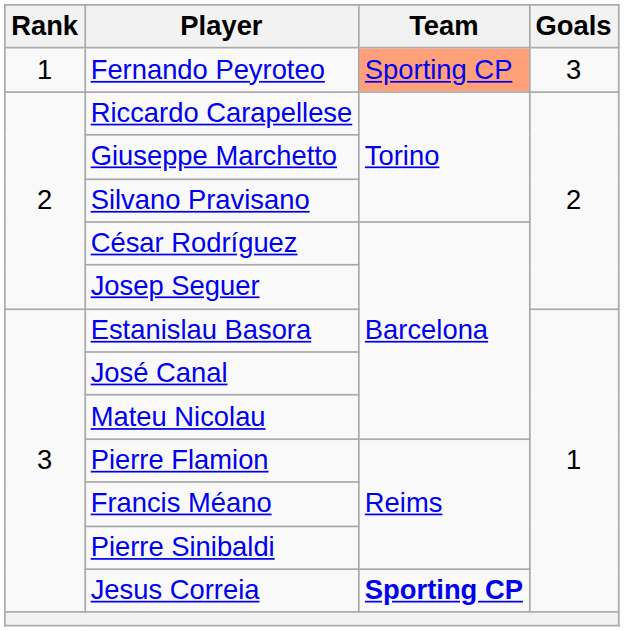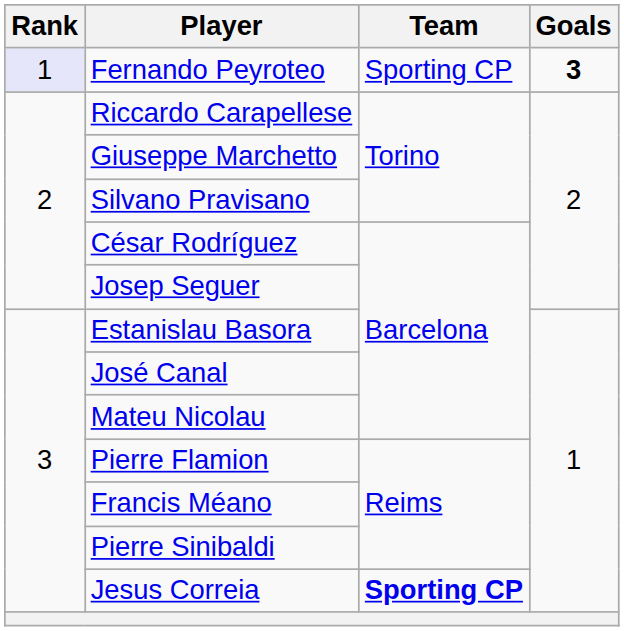 <table class="wikitable" style="text-align:center">
 <tr>
 <th>Rank</th>
 <th>Player</th>
 <th>Team</th>
 <th>Goals</th>
 </tr>
 <tr>
-<td>1</td>
+<td style="background: lavender;">1</td>
 <td align="left"> <a href='#'>Fernando Peyroteo</a></td>
-<td align="left" style="background: lightsalmon;"> <a href='#'>Sporting CP</a></td>
-<td>3</td>
+<td align="left"> <a href='#'>Sporting CP</a></td>
+<td><strong>3</strong></td>
 </tr>
 <tr>
 <td rowspan="5">2</td>
 <td align="left"> <a href='#'>Riccardo Carapellese</a></td>
 <td align="left" rowspan="3"> <a href='#'>Torino</a></td>
 <td rowspan="5">2</td>
 </tr>
 <tr>
 <td align="left"> <a href='#'>Giuseppe Marchetto</a></td>
 </tr>
 <tr>
 <td align="left"> <a href='#'>Silvano Pravisano</a></td>
 </tr>
 <tr>
 <td align="left"> <a href='#'>César Rodríguez</a></td>
 <td align="left" rowspan="5"> <a href='#'>Barcelona</a></td>
 </tr>
 <tr>
 <td align="left"> <a href='#'>Josep Seguer</a></td>
 </tr>
 <tr>
 <td rowspan="7">3</td>
 <td align="left"> <a href='#'>Estanislau Basora</a></td>
 <td rowspan="7">1</td>
 </tr>
 <tr>
 <td align="left"> <a href='#'>José Canal</a></td>
 </tr>
 <tr>
 <td align="left"> <a href='#'>Mateu Nicolau</a></td>
 </tr>
 <tr>
 <td align="left"> <a href='#'>Pierre Flamion</a></td>
 <td align="left" rowspan="3"> <a href='#'>Reims</a></td>
 </tr>
 <tr>
 <td align="left"> <a href='#'>Francis Méano</a></td>
 </tr>
 <tr>
 <td align="left"> <a href='#'>Pierre Sinibaldi</a></td>
 </tr>
 <tr>
 <td align="left"> <a href='#'>Jesus Correia</a></td>
 <td align="left"><strong> <a href='#'>Sporting CP</a></strong></td>
 </tr>
 <tr>
 <th colspan="4"> </th>
 </tr>
 </table>
